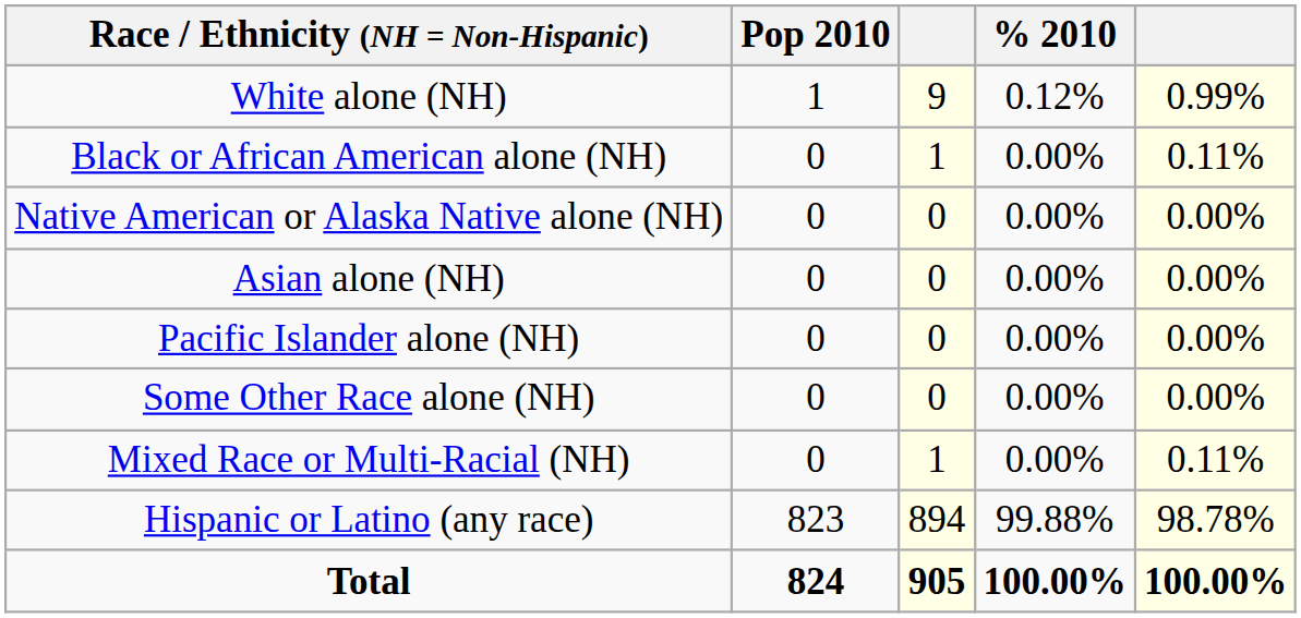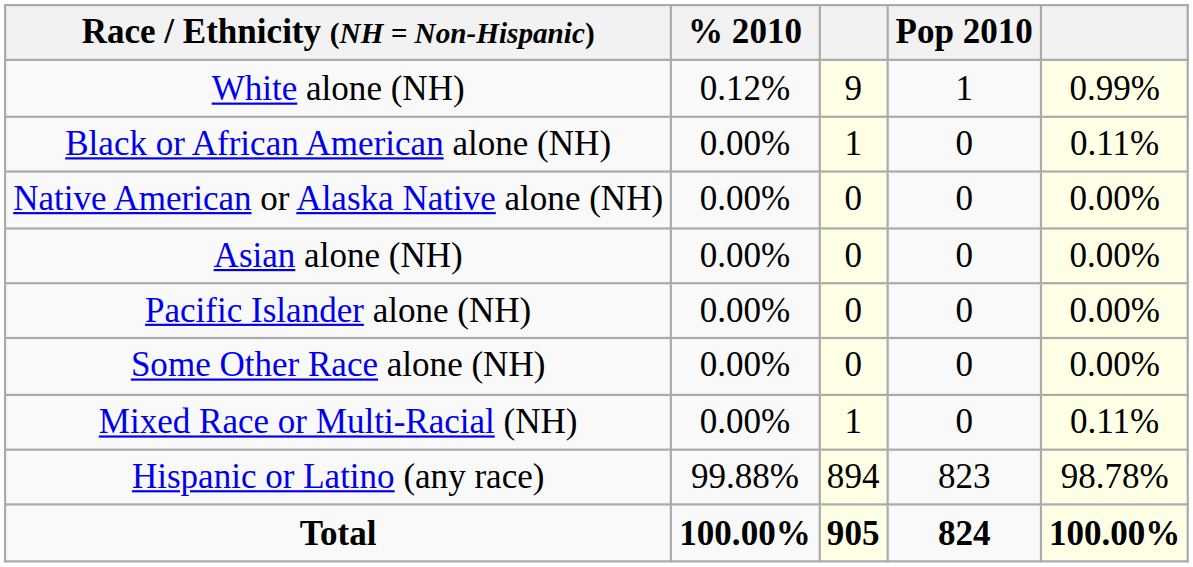 <table class="wikitable" style="text-align:center;">
 <tr>
 <th>Race / Ethnicity <small>(<em>NH = Non-Hispanic</em>)</small></th>
+<th>% 2010</th>
+<th></th>
 <th>Pop 2010</th>
-<th></th>
-<th>% 2010</th>
 <th></th>
 </tr>
 <tr>
 <td><a href='#'>White</a> alone (NH)</td>
+<td>0.12%</td>
+<td style='background: #ffffe6;'>9</td>
 <td>1</td>
-<td style='background: #ffffe6;'>9</td>
-<td>0.12%</td>
 <td style='background: #ffffe6;'>0.99%</td>
 </tr>
 <tr>
 <td><a href='#'>Black or African American</a> alone (NH)</td>
+<td>0.00%</td>
+<td style='background: #ffffe6;'>1</td>
 <td>0</td>
-<td style='background: #ffffe6;'>1</td>
-<td>0.00%</td>
 <td style='background: #ffffe6;'>0.11%</td>
 </tr>
 <tr>
 <td><a href='#'>Native American</a> or <a href='#'>Alaska Native</a> alone (NH)</td>
+<td>0.00%</td>
+<td style='background: #ffffe6;'>0</td>
 <td>0</td>
-<td style='background: #ffffe6;'>0</td>
-<td>0.00%</td>
 <td style='background: #ffffe6;'>0.00%</td>
 </tr>
 <tr>
 <td><a href='#'>Asian</a> alone (NH)</td>
+<td>0.00%</td>
+<td style='background: #ffffe6;'>0</td>
 <td>0</td>
-<td style='background: #ffffe6;'>0</td>
-<td>0.00%</td>
 <td style='background: #ffffe6;'>0.00%</td>
 </tr>
 <tr>
 <td><a href='#'>Pacific Islander</a> alone (NH)</td>
+<td>0.00%</td>
+<td style='background: #ffffe6;'>0</td>
 <td>0</td>
-<td style='background: #ffffe6;'>0</td>
-<td>0.00%</td>
 <td style='background: #ffffe6;'>0.00%</td>
 </tr>
 <tr>
 <td><a href='#'>Some Other Race</a> alone (NH)</td>
+<td>0.00%</td>
+<td style='background: #ffffe6;'>0</td>
 <td>0</td>
-<td style='background: #ffffe6;'>0</td>
-<td>0.00%</td>
 <td style='background: #ffffe6;'>0.00%</td>
 </tr>
 <tr>
 <td><a href='#'>Mixed Race or Multi-Racial</a> (NH)</td>
+<td>0.00%</td>
+<td style='background: #ffffe6;'>1</td>
 <td>0</td>
-<td style='background: #ffffe6;'>1</td>
-<td>0.00%</td>
 <td style='background: #ffffe6;'>0.11%</td>
 </tr>
 <tr>
 <td><a href='#'>Hispanic or Latino</a> (any race)</td>
+<td>99.88%</td>
+<td style='background: #ffffe6;'>894</td>
 <td>823</td>
-<td style='background: #ffffe6;'>894</td>
-<td>99.88%</td>
 <td style='background: #ffffe6;'>98.78%</td>
 </tr>
 <tr>
 <td><strong>Total</strong></td>
+<td><strong>100.00%</strong></td>
+<td style='background: #ffffe6;'><strong>905</strong></td>
 <td><strong>824</strong></td>
-<td style='background: #ffffe6;'><strong>905</strong></td>
-<td><strong>100.00%</strong></td>
 <td style='background: #ffffe6;'><strong>100.00%</strong></td>
 </tr>
 </table>
